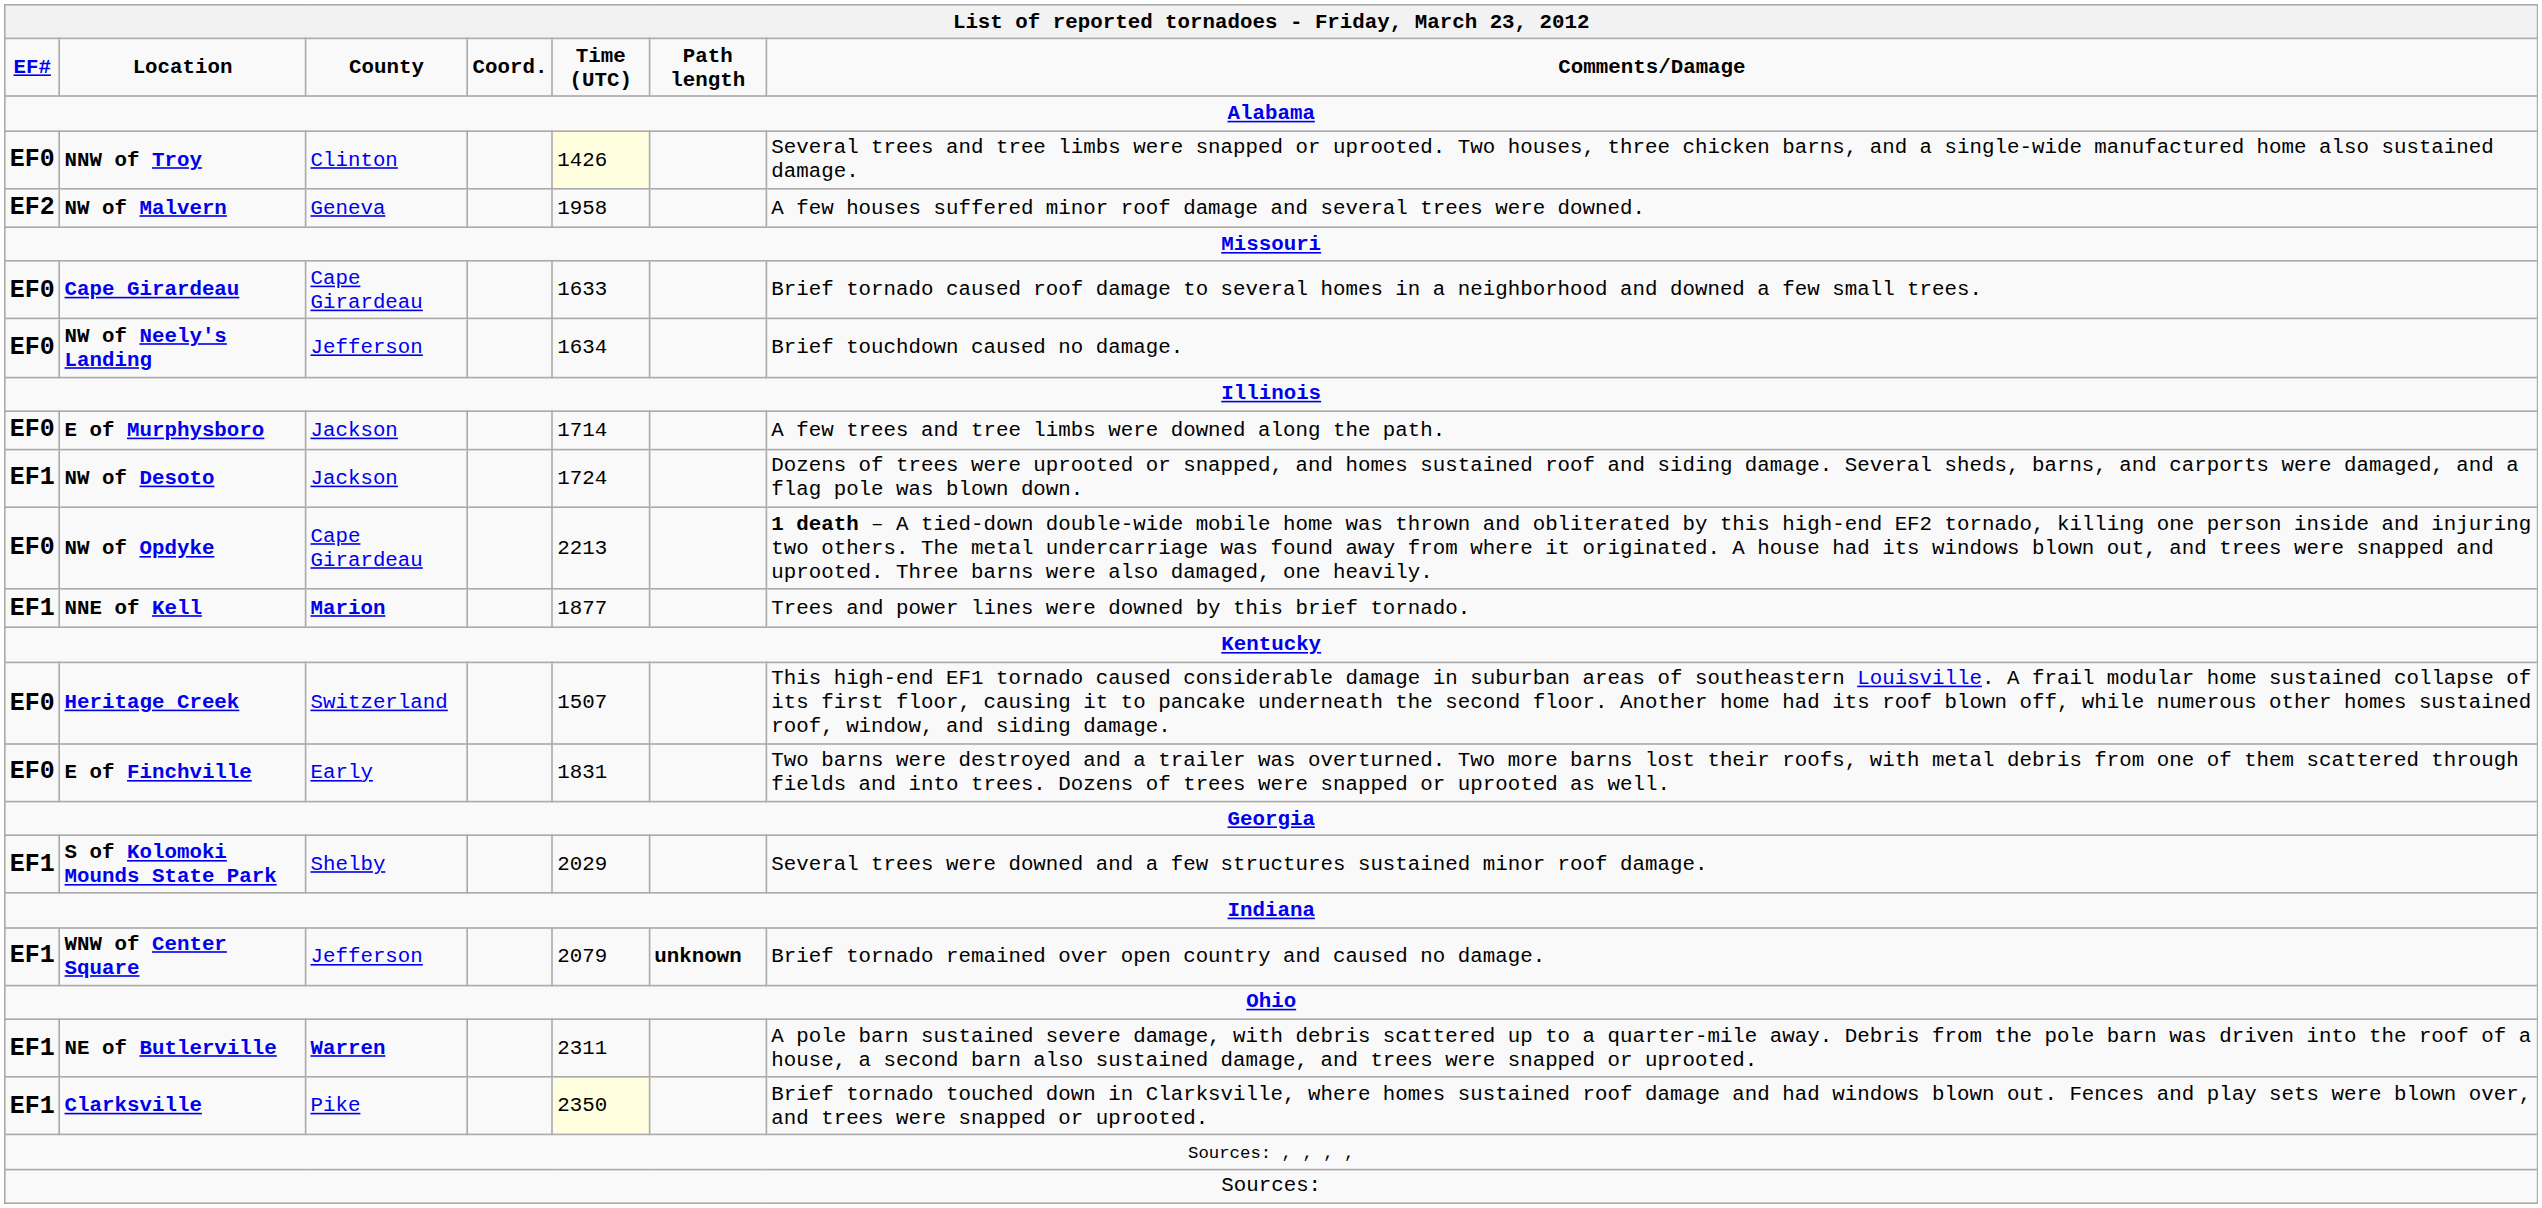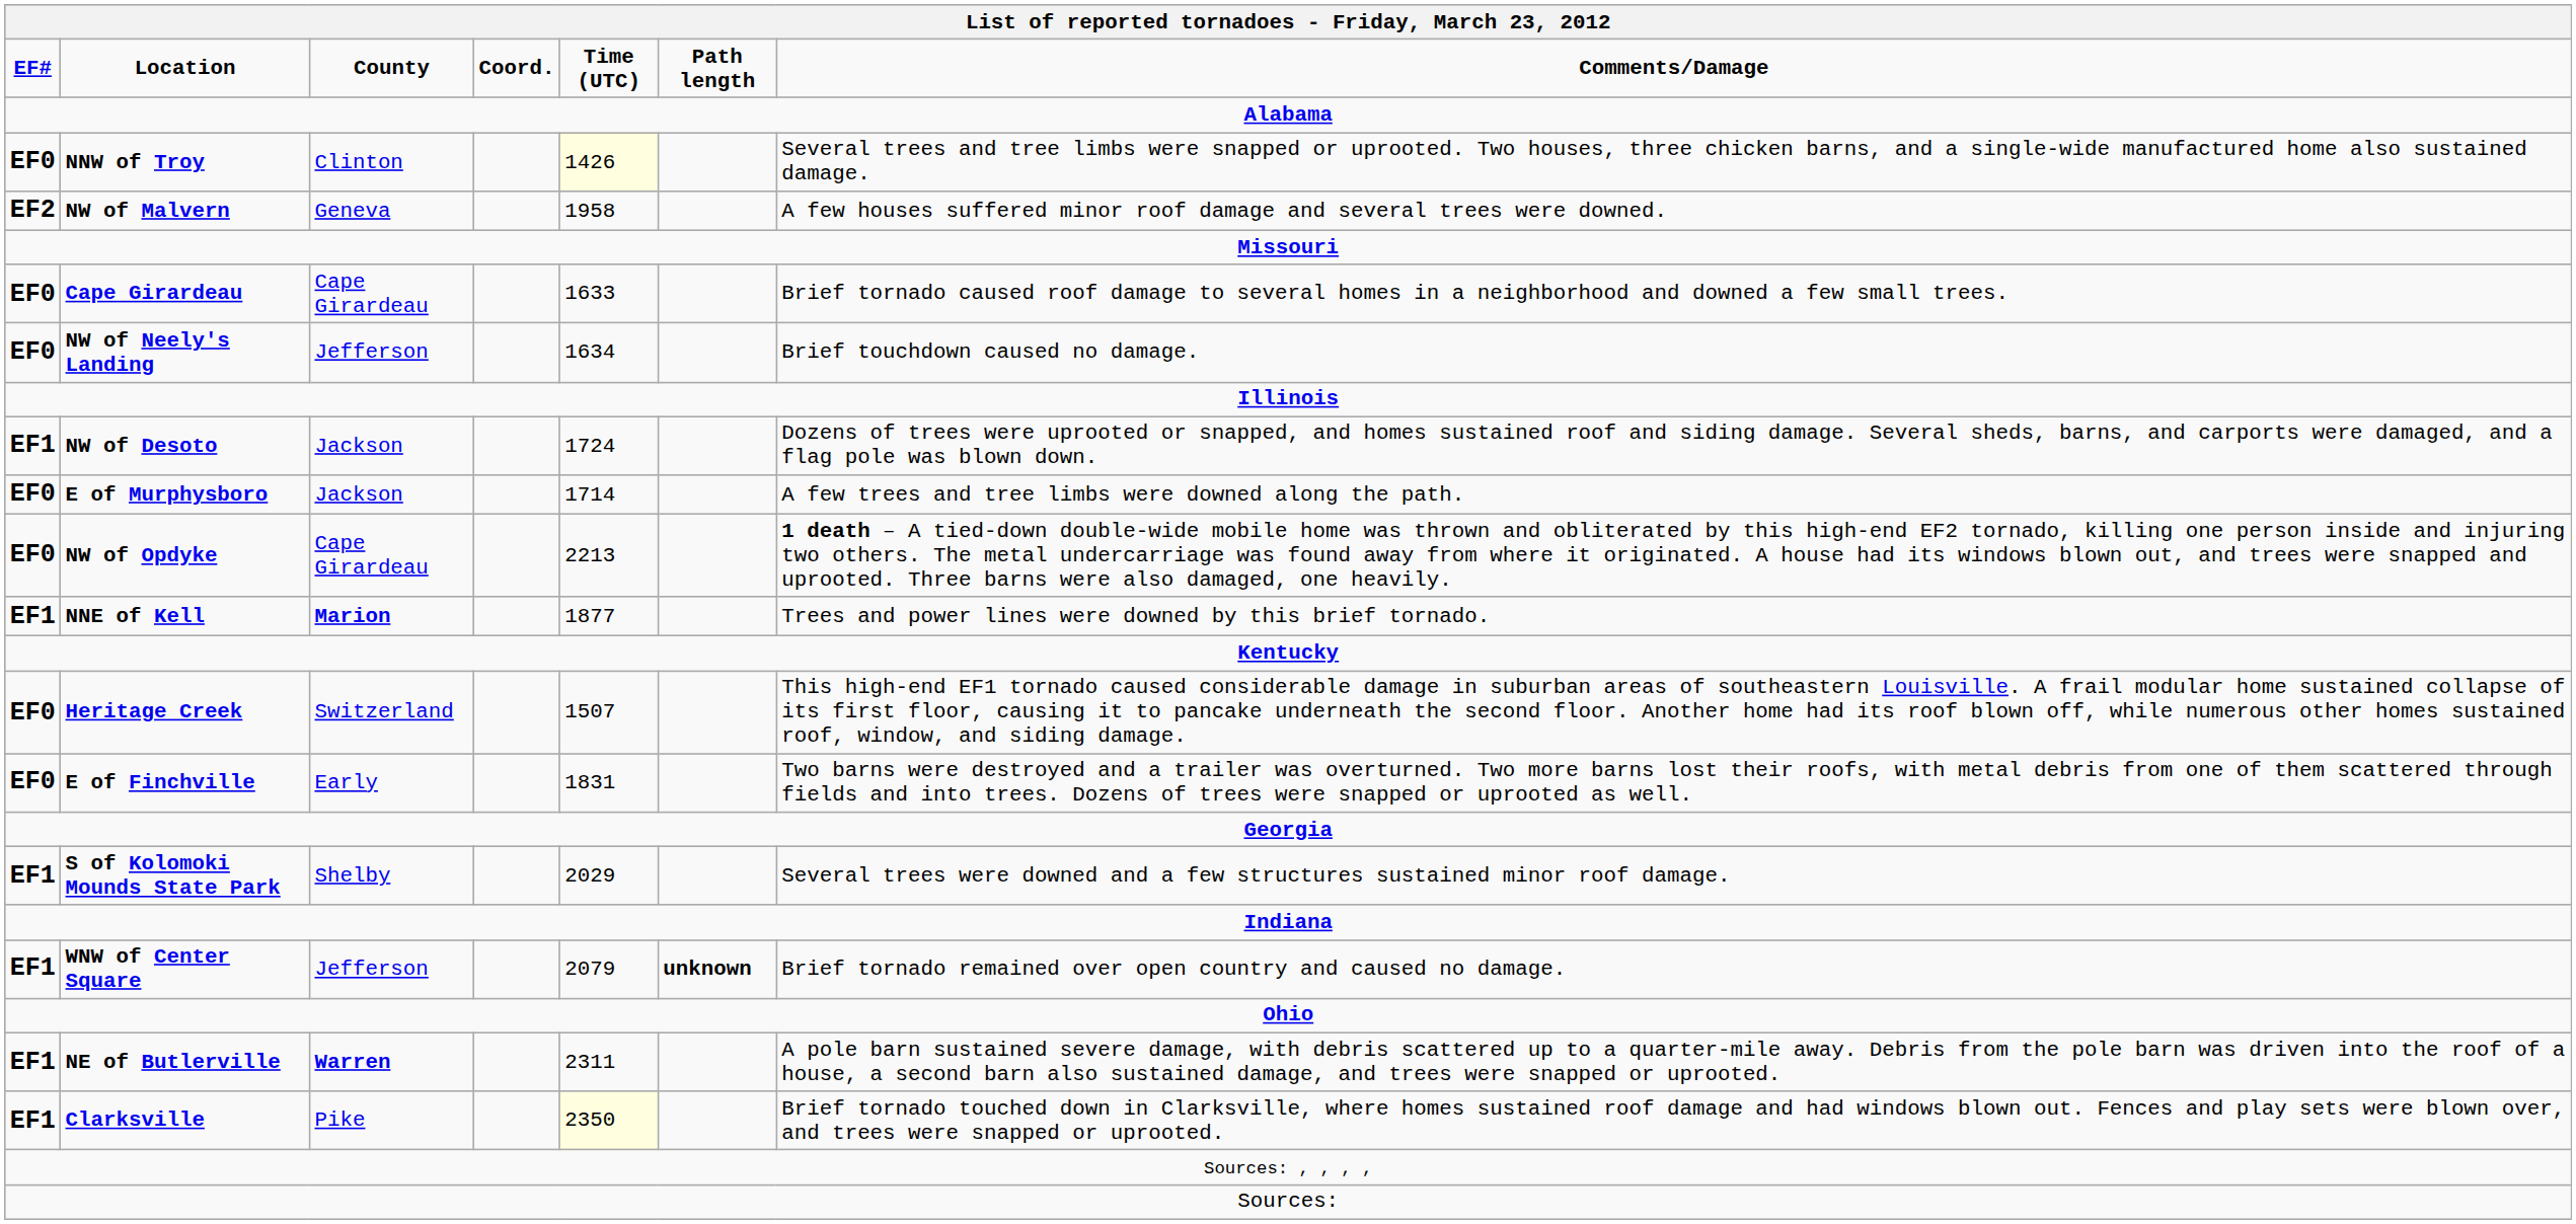 <table class="wikitable collapsible" width="100%">
 <tr>
 <th colspan="7">List of reported tornadoes - Friday, March 23, 2012</th>
 </tr>
 <tr style="text-align:center;">
 <td><strong><a href='#'>EF#</a></strong></td>
 <td><strong>Location</strong></td>
 <td><strong>County</strong></td>
 <td><strong>Coord.</strong></td>
 <td><strong>Time (UTC)</strong></td>
 <td><strong>Path length</strong></td>
 <td><strong>Comments/Damage</strong></td>
 </tr>
 <tr>
 <td colspan="7" align=center><strong><a href='#'>Alabama</a></strong></td>
 </tr>
 <tr>
 <td><big><strong>EF0</strong></big></td>
 <td><strong>NNW of <a href='#'>Troy</a></strong></td>
 <td><a href='#'>Clinton</a></td>
 <td></td>
 <td style="background: lightyellow;">1426</td>
 <td></td>
 <td>Several trees and tree limbs were snapped or uprooted. Two houses, three chicken barns, and a single-wide manufactured home also sustained damage.</td>
 </tr>
 <tr>
 <td><big><strong>EF2</strong></big></td>
 <td><strong>NW of <a href='#'>Malvern</a></strong></td>
 <td><a href='#'>Geneva</a></td>
 <td></td>
 <td>1958</td>
 <td></td>
 <td>A few houses suffered minor roof damage and several trees were downed.</td>
 </tr>
 <tr>
 <td colspan="7" align=center><strong><a href='#'>Missouri</a></strong></td>
 </tr>
 <tr>
 <td><big><strong>EF0</strong></big></td>
 <td><strong><a href='#'>Cape Girardeau</a></strong></td>
 <td><a href='#'>Cape Girardeau</a></td>
 <td></td>
 <td>1633</td>
 <td></td>
 <td>Brief tornado caused roof damage to several homes in a neighborhood and downed a few small trees.</td>
 </tr>
 <tr>
 <td><big><strong>EF0</strong></big></td>
 <td><strong>NW of <a href='#'>Neely's Landing</a></strong></td>
 <td><a href='#'>Jefferson</a></td>
 <td></td>
 <td>1634</td>
 <td></td>
 <td>Brief touchdown caused no damage.</td>
 </tr>
 <tr>
 <td colspan="7" align=center><strong><a href='#'>Illinois</a></strong></td>
 </tr>
 <tr>
+<td><big><strong>EF1</strong></big></td>
+<td><strong>NW of <a href='#'>Desoto</a></strong></td>
+<td><a href='#'>Jackson</a></td>
+<td></td>
+<td>1724</td>
+<td></td>
+<td>Dozens of trees were uprooted or snapped, and homes sustained roof and siding damage. Several sheds, barns, and carports were damaged, and a flag pole was blown down.</td>
+</tr>
+<tr>
 <td><big><strong>EF0</strong></big></td>
 <td><strong>E of <a href='#'>Murphysboro</a></strong></td>
 <td><a href='#'>Jackson</a></td>
 <td></td>
 <td>1714</td>
 <td></td>
 <td>A few trees and tree limbs were downed along the path.</td>
-</tr>
-<tr>
-<td><big><strong>EF1</strong></big></td>
-<td><strong>NW of <a href='#'>Desoto</a></strong></td>
-<td><a href='#'>Jackson</a></td>
-<td></td>
-<td>1724</td>
-<td></td>
-<td>Dozens of trees were uprooted or snapped, and homes sustained roof and siding damage. Several sheds, barns, and carports were damaged, and a flag pole was blown down.</td>
 </tr>
 <tr>
 <td><big><strong>EF0</strong></big></td>
 <td><strong>NW of <a href='#'>Opdyke</a></strong></td>
 <td><a href='#'>Cape Girardeau</a></td>
 <td></td>
 <td>2213</td>
 <td></td>
 <td><strong>1 death</strong> – A tied-down double-wide mobile home was thrown  and obliterated by this high-end EF2 tornado, killing one person inside and injuring two others. The metal undercarriage was found  away from where it originated. A house had its windows blown out, and trees were snapped and uprooted. Three barns were also damaged, one heavily.</td>
 </tr>
 <tr>
 <td><big><strong>EF1</strong></big></td>
 <td><strong>NNE of <a href='#'>Kell</a></strong></td>
 <td><strong><a href='#'>Marion</a></strong></td>
 <td></td>
 <td>1877</td>
 <td></td>
 <td>Trees and power lines were downed by this brief tornado.</td>
 </tr>
 <tr>
 <td colspan="7" align=center><strong><a href='#'>Kentucky</a></strong></td>
 </tr>
 <tr>
 <td><big><strong>EF0</strong></big></td>
 <td><strong><a href='#'>Heritage Creek</a></strong></td>
 <td><a href='#'>Switzerland</a></td>
 <td></td>
 <td>1507</td>
 <td></td>
 <td>This high-end EF1 tornado caused considerable damage in suburban areas of southeastern <a href='#'>Louisville</a>. A frail modular home sustained collapse of its first floor, causing it to pancake underneath the second floor. Another home had its roof blown off, while numerous other homes sustained roof, window, and siding damage.</td>
 </tr>
 <tr>
 <td><big><strong>EF0</strong></big></td>
 <td><strong>E of <a href='#'>Finchville</a></strong></td>
 <td><a href='#'>Early</a></td>
 <td></td>
 <td>1831</td>
 <td></td>
 <td>Two barns were destroyed and a trailer was overturned. Two more barns lost their roofs, with metal debris from one of them scattered through fields and into trees. Dozens of trees were snapped or uprooted as well.</td>
 </tr>
 <tr>
 <td colspan="7" align=center><strong><a href='#'>Georgia</a></strong></td>
 </tr>
 <tr>
 <td><big><strong>EF1</strong></big></td>
 <td><strong>S of <a href='#'>Kolomoki Mounds State Park</a></strong></td>
 <td><a href='#'>Shelby</a></td>
 <td></td>
 <td>2029</td>
 <td></td>
 <td>Several trees were downed and a few structures sustained minor roof damage.</td>
 </tr>
 <tr>
 <td colspan="7" align=center><strong><a href='#'>Indiana</a></strong></td>
 </tr>
 <tr>
 <td><big><strong>EF1</strong></big></td>
 <td><strong>WNW of <a href='#'>Center Square</a></strong></td>
 <td><a href='#'>Jefferson</a></td>
 <td></td>
 <td>2079</td>
 <td><strong>unknown</strong></td>
 <td>Brief tornado remained over open country and caused no damage.</td>
 </tr>
 <tr>
 <td colspan="7" align=center><strong><a href='#'>Ohio</a></strong></td>
 </tr>
 <tr>
 <td><big><strong>EF1</strong></big></td>
 <td><strong>NE of <a href='#'>Butlerville</a></strong></td>
 <td><strong><a href='#'>Warren</a></strong></td>
 <td></td>
 <td>2311</td>
 <td></td>
 <td>A pole barn sustained severe damage, with debris scattered up to a quarter-mile away. Debris from the pole barn was driven into the roof of a house, a second barn also sustained damage, and trees were snapped or uprooted.</td>
 </tr>
 <tr>
 <td><big><strong>EF1</strong></big></td>
 <td><strong><a href='#'>Clarksville</a></strong></td>
 <td><a href='#'>Pike</a></td>
 <td></td>
 <td style="background: lightyellow;">2350</td>
 <td></td>
 <td>Brief tornado touched down in Clarksville, where homes sustained roof damage and had windows blown out. Fences and play sets were blown over, and trees were snapped or uprooted.</td>
 </tr>
 <tr>
 <td colspan="7" align=center><small>Sources: , , , , </small></td>
 </tr>
 <tr>
 <td colspan="7" align=center>Sources:</td>
 </tr>
 </table>
